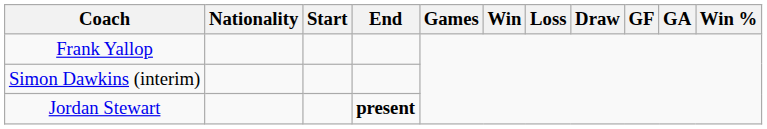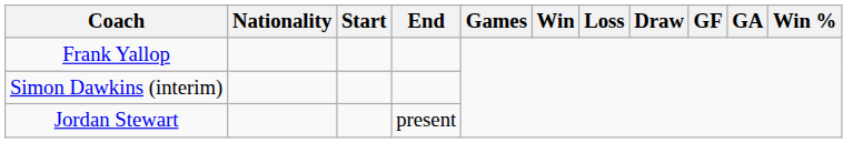 <table class="wikitable" style="text-align:center; margin-left: lem;">
 <tr>
 <th>Coach</th>
 <th>Nationality</th>
 <th>Start</th>
 <th>End</th>
 <th>Games</th>
 <th>Win</th>
 <th>Loss</th>
 <th>Draw</th>
 <th>GF</th>
 <th>GA</th>
 <th>Win %</th>
 </tr>
 <tr>
 <td><a href='#'>Frank Yallop</a></td>
 <td></td>
 <td></td>
 <td><br></td>
 </tr>
 <tr>
 <td><a href='#'>Simon Dawkins</a> (interim)</td>
 <td></td>
 <td></td>
 <td><br></td>
 </tr>
 <tr>
 <td><a href='#'>Jordan Stewart</a></td>
 <td></td>
 <td></td>
-<td><strong>present<br></strong></td>
+<td>present<br></td>
 </tr>
 </table>
